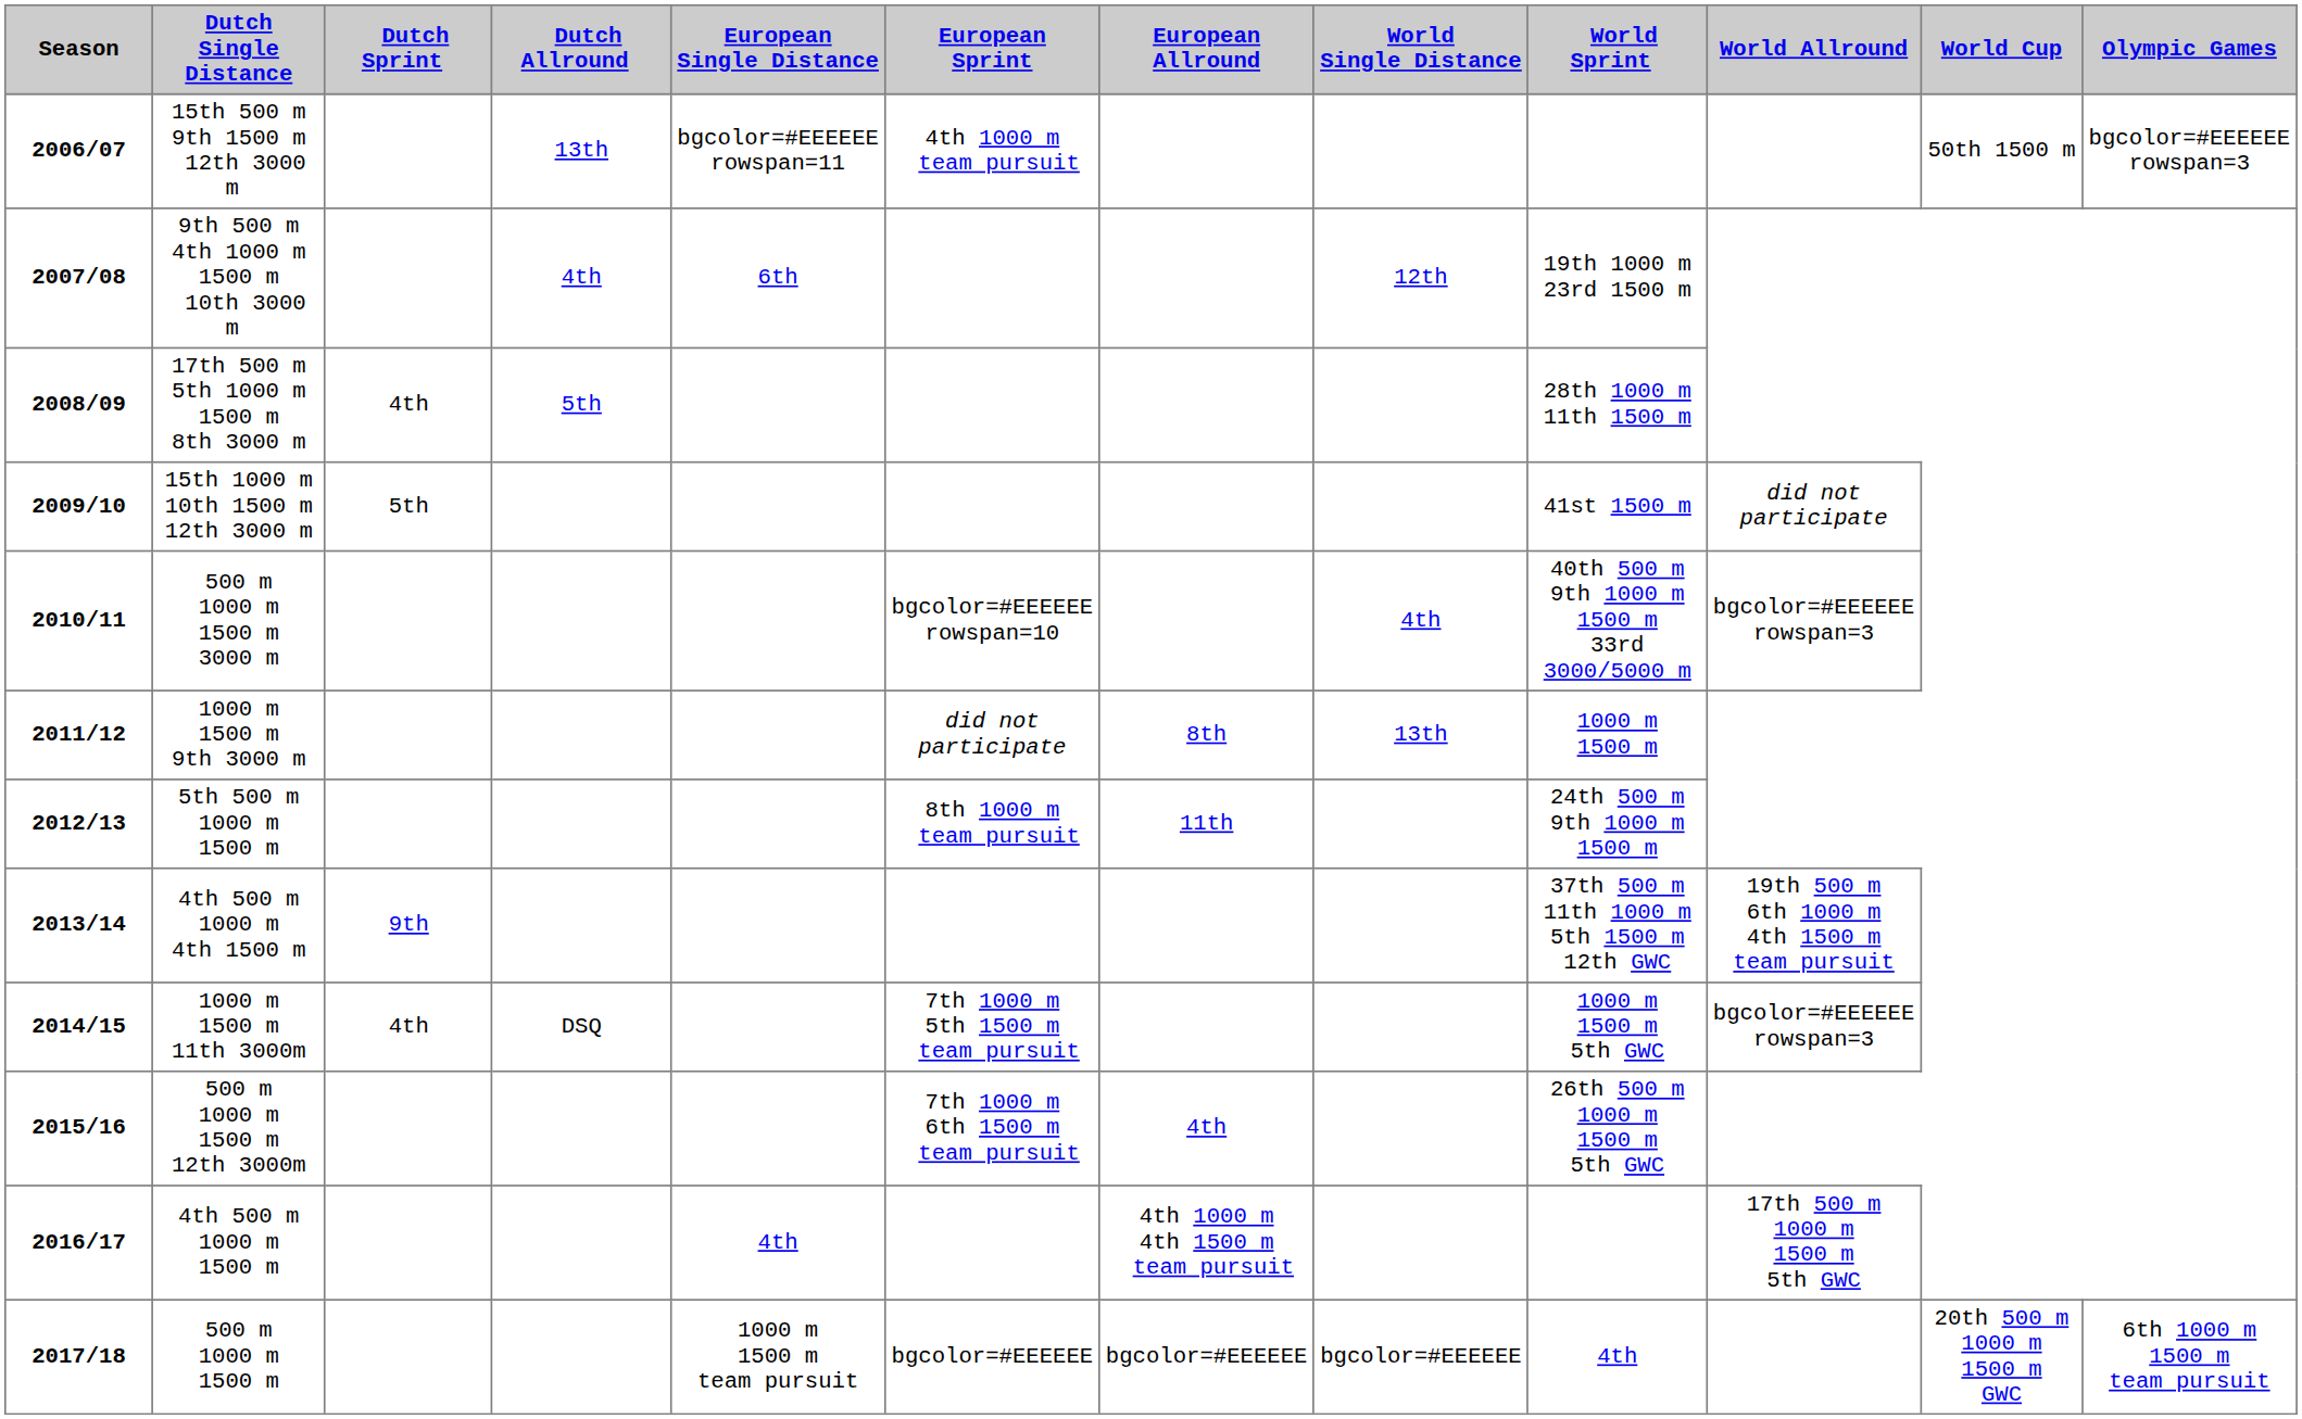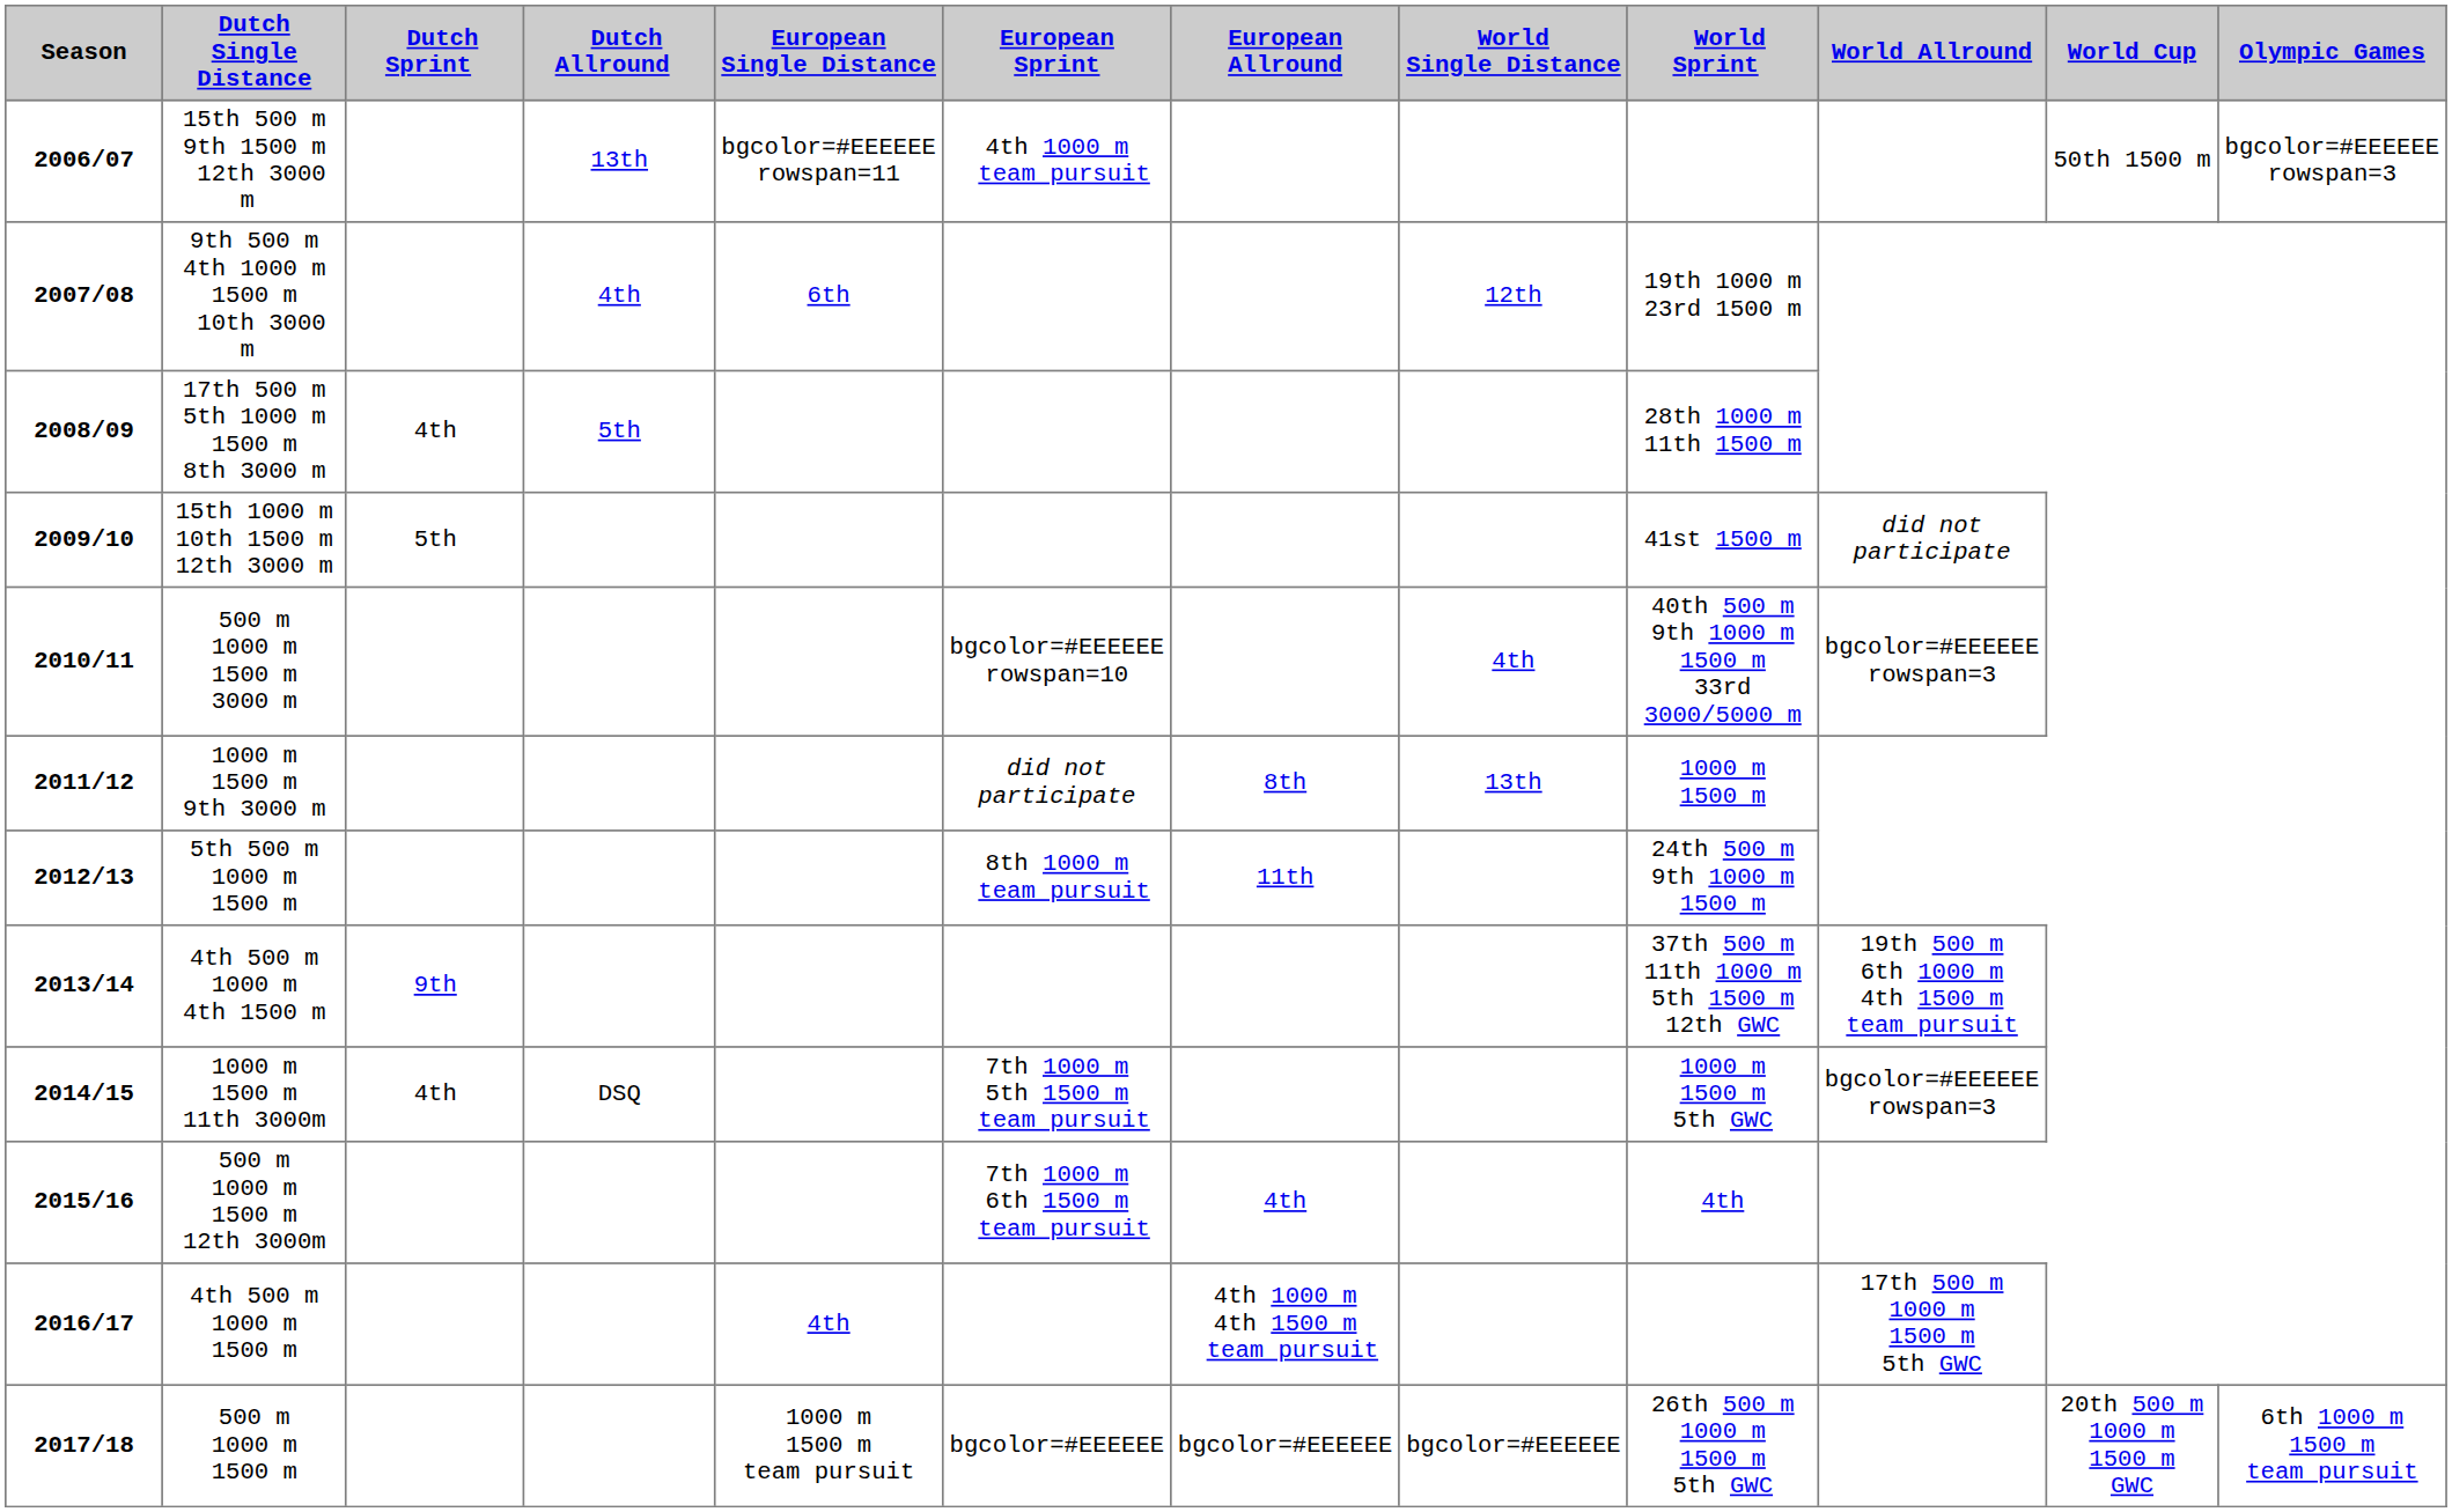 <table cellpadding="3" cellspacing="0" border="1" style="background:#ffffff; text-align:center; font-size:95%; border:grey solid 1px; border-collapse:collapse;">
 <tr style="background:#ccc; text-align:center;">
 <th style="background:#ccc;">  Season  </th>
 <th style="background:#ccc;" width="110"><a href='#'>Dutch<br>Single Distance</a></th>
 <th style="background:#ccc;" width="110"> <a href='#'>Dutch Sprint</a> </th>
 <th style="background:#ccc;" width="110"> <a href='#'>Dutch Allround</a> </th>
 <th style="background:#ccc;" width="110"><a href='#'>European<br>Single Distance</a></th>
 <th style="background:#ccc;" width="110"><a href='#'>European<br>Sprint</a></th>
 <th style="background:#ccc;" width="110"><a href='#'>European<br>Allround</a></th>
 <th style="background:#ccc;" width="110"><a href='#'>World<br>Single Distance</a></th>
 <th style="background:#ccc;" width="110"> <a href='#'>World Sprint</a> </th>
 <th style="background:#ccc;" width="110"><a href='#'>World Allround</a></th>
 <th style="background:#ccc;" width="110"> <a href='#'>World Cup</a> </th>
 <th style="background:#ccc;" width="110"><a href='#'>Olympic Games</a><br></th>
 </tr>
 <tr>
 <td> <strong>2006/07</strong> </td>
 <td>15th 500 m<br>9th 1500 m<br> 12th 3000 m </td>
 <td></td>
 <td><a href='#'>13th</a></td>
 <td>bgcolor=#EEEEEE rowspan=11 </td>
 <td>4th <a href='#'>1000 m</a><br>  <a href='#'>team pursuit</a> </td>
 <td></td>
 <td></td>
 <td></td>
 <td></td>
 <td>50th 1500 m</td>
 <td>bgcolor=#EEEEEE rowspan=3 </td>
 </tr>
 <tr>
 <td> <strong>2007/08</strong> </td>
 <td>9th 500 m<br>4th 1000 m<br> 1500 m<br> 10th 3000 m </td>
 <td></td>
 <td><a href='#'>4th</a></td>
 <td><a href='#'>6th</a></td>
 <td></td>
 <td></td>
 <td><a href='#'>12th</a></td>
 <td>19th 1000 m<br>23rd 1500 m</td>
 </tr>
 <tr>
 <td> <strong>2008/09</strong> </td>
 <td>17th 500 m<br>5th 1000 m<br> 1500 m<br>8th 3000 m</td>
 <td>4th</td>
 <td><a href='#'>5th</a></td>
 <td></td>
 <td></td>
 <td></td>
 <td></td>
 <td>28th <a href='#'>1000 m</a><br>11th <a href='#'>1500 m</a></td>
 </tr>
 <tr>
 <td> <strong>2009/10</strong> </td>
 <td>15th 1000 m<br>10th 1500 m<br>12th 3000 m</td>
 <td>5th</td>
 <td></td>
 <td></td>
 <td></td>
 <td></td>
 <td></td>
 <td>41st <a href='#'>1500 m</a></td>
 <td><em>did not<br>participate</em></td>
 </tr>
 <tr>
 <td> <strong>2010/11</strong> </td>
 <td> 500 m<br> 1000 m<br> 1500 m<br> 3000 m</td>
 <td></td>
 <td></td>
 <td></td>
 <td>bgcolor=#EEEEEE rowspan=10 </td>
 <td></td>
 <td><a href='#'>4th</a></td>
 <td>40th <a href='#'>500 m</a><br>9th <a href='#'>1000 m</a><br> <a href='#'>1500 m</a><br>33rd <a href='#'>3000/5000 m</a></td>
 <td>bgcolor=#EEEEEE rowspan=3 </td>
 </tr>
 <tr>
 <td> <strong>2011/12</strong> </td>
 <td> 1000 m<br> 1500 m<br>9th 3000 m</td>
 <td></td>
 <td></td>
 <td></td>
 <td><em>did not<br>participate</em></td>
 <td><a href='#'>8th</a></td>
 <td><a href='#'>13th</a></td>
 <td> <a href='#'>1000 m</a><br> <a href='#'>1500 m</a></td>
 </tr>
 <tr>
 <td> <strong>2012/13</strong> </td>
 <td>5th 500 m<br> 1000 m<br> 1500 m</td>
 <td></td>
 <td></td>
 <td></td>
 <td>8th <a href='#'>1000 m</a><br>  <a href='#'>team pursuit</a> </td>
 <td><a href='#'>11th</a></td>
 <td></td>
 <td>24th <a href='#'>500 m</a><br>9th <a href='#'>1000 m</a><br> <a href='#'>1500 m</a></td>
 </tr>
 <tr>
 <td> <strong>2013/14</strong> </td>
 <td>4th 500 m<br> 1000 m<br>4th 1500 m</td>
 <td><a href='#'>9th</a></td>
 <td></td>
 <td></td>
 <td></td>
 <td></td>
 <td></td>
 <td>37th <a href='#'>500 m</a><br>11th <a href='#'>1000 m</a><br>5th <a href='#'>1500 m</a><br>12th <a href='#'>GWC</a></td>
 <td>19th <a href='#'>500 m</a><br>6th <a href='#'>1000 m</a><br>4th <a href='#'>1500 m</a><br> <a href='#'>team pursuit</a></td>
 </tr>
 <tr>
 <td> <strong>2014/15</strong> </td>
 <td> 1000 m<br> 1500 m<br> 11th 3000m</td>
 <td>4th</td>
 <td>DSQ</td>
 <td></td>
 <td>7th <a href='#'>1000 m</a><br>5th <a href='#'>1500 m</a><br>  <a href='#'>team pursuit</a> </td>
 <td></td>
 <td></td>
 <td> <a href='#'>1000 m</a><br> <a href='#'>1500 m</a><br>5th <a href='#'>GWC</a></td>
 <td>bgcolor=#EEEEEE rowspan=3 </td>
 </tr>
 <tr>
 <td> <strong>2015/16</strong> </td>
 <td> 500 m<br> 1000 m<br> 1500 m<br> 12th 3000m</td>
 <td></td>
 <td></td>
 <td></td>
 <td>7th <a href='#'>1000 m</a><br>6th <a href='#'>1500 m</a><br>  <a href='#'>team pursuit</a> </td>
 <td><a href='#'>4th</a></td>
 <td></td>
-<td>26th <a href='#'>500 m</a><br> <a href='#'>1000 m</a><br> <a href='#'>1500 m</a><br>5th <a href='#'>GWC</a></td>
+<td><a href='#'>4th</a></td>
 </tr>
 <tr>
 <td> <strong>2016/17</strong> </td>
 <td>4th 500 m<br> 1000 m<br> 1500 m</td>
 <td></td>
 <td></td>
 <td><a href='#'>4th</a></td>
 <td></td>
 <td>4th <a href='#'>1000 m</a><br>4th <a href='#'>1500 m</a><br>  <a href='#'>team pursuit</a> </td>
 <td></td>
 <td></td>
 <td>17th <a href='#'>500 m</a><br> <a href='#'>1000 m</a><br> <a href='#'>1500 m</a><br>5th <a href='#'>GWC</a></td>
 </tr>
 <tr>
 <td> <strong>2017/18</strong> </td>
 <td> 500 m<br> 1000 m<br> 1500 m</td>
 <td></td>
 <td></td>
 <td> 1000 m<br> 1500 m<br> team pursuit</td>
 <td>bgcolor=#EEEEEE </td>
 <td>bgcolor=#EEEEEE </td>
 <td>bgcolor=#EEEEEE </td>
-<td><a href='#'>4th</a></td>
+<td>26th <a href='#'>500 m</a><br> <a href='#'>1000 m</a><br> <a href='#'>1500 m</a><br>5th <a href='#'>GWC</a></td>
 <td></td>
 <td>20th <a href='#'>500 m</a><br> <a href='#'>1000 m</a><br> <a href='#'>1500 m</a><br> <a href='#'>GWC</a></td>
 <td>6th <a href='#'>1000 m</a><br> <a href='#'>1500 m</a><br> <a href='#'>team pursuit</a></td>
 </tr>
 </table>
